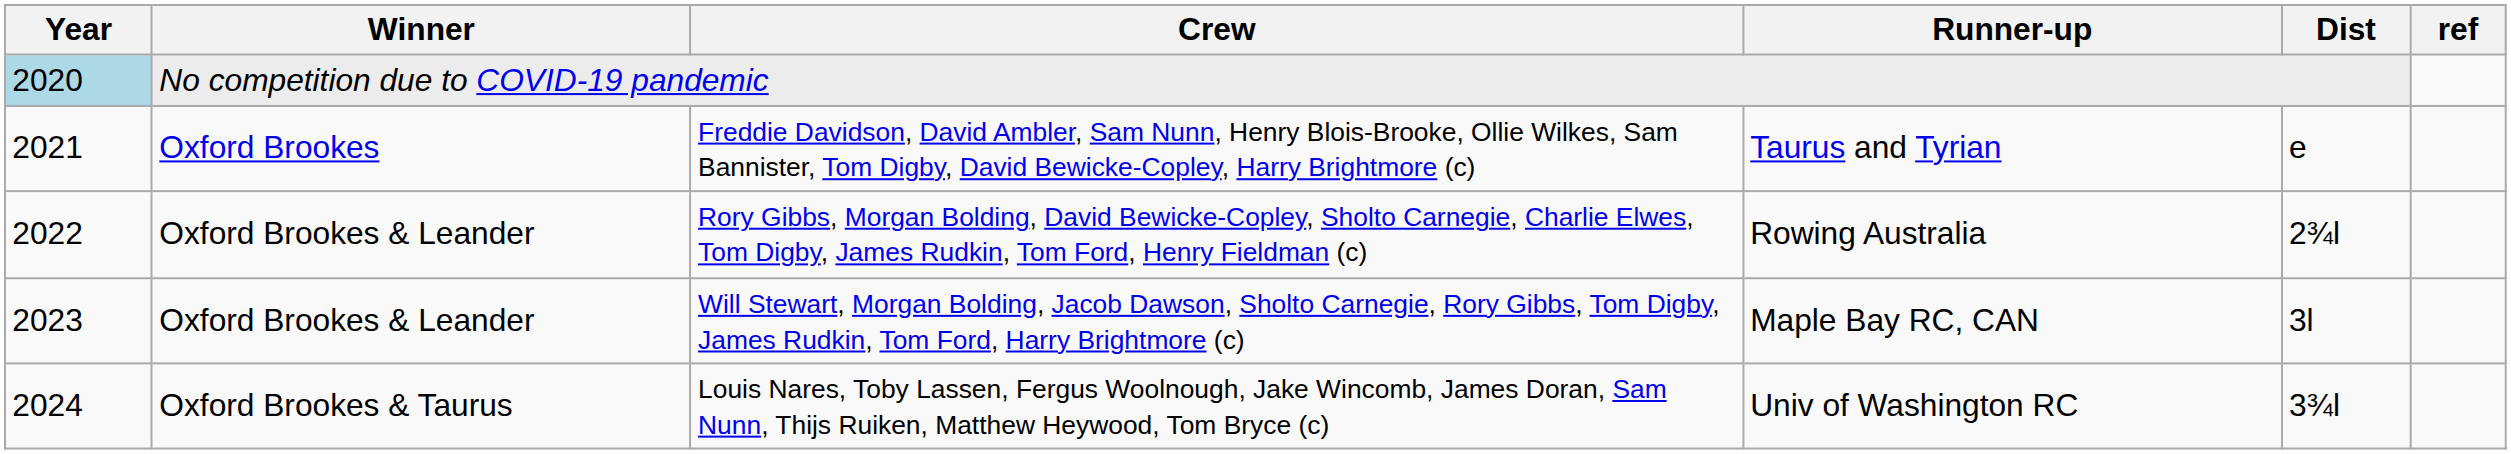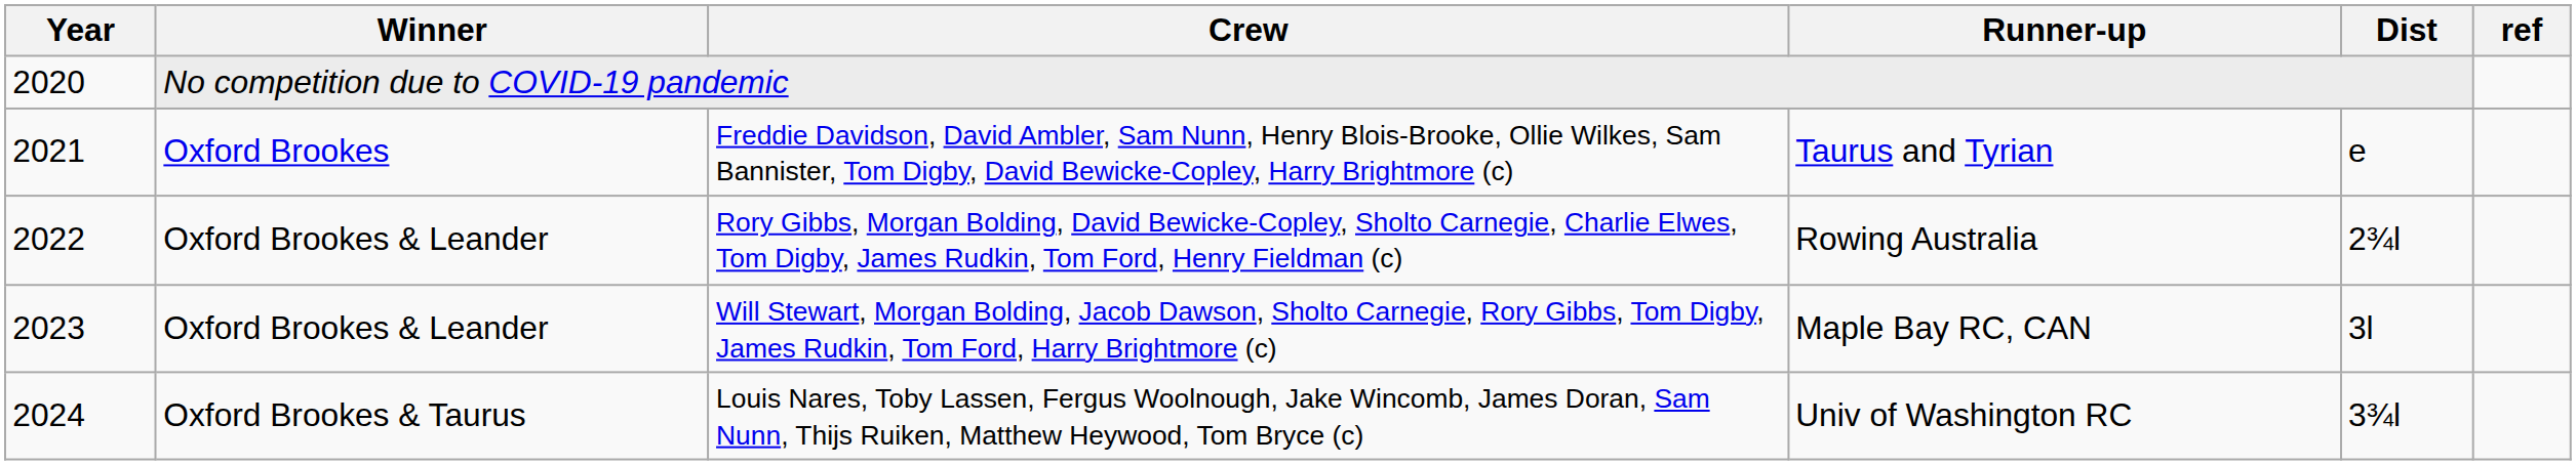 <table class="wikitable" width="100%">
 <tr>
 <th width=30>Year</th>
 <th width=150>Winner</th>
 <th width=300>Crew</th>
 <th width=150>Runner-up</th>
 <th width=30>Dist</th>
 <th width=20>ref</th>
 </tr>
 <tr>
-<td style="background: lightblue;">2020</td>
+<td>2020</td>
 <td colspan=4 bgcolor="ececec"><em>No competition due to <a href='#'>COVID-19 pandemic</a></em></td>
 <td></td>
 </tr>
 <tr>
 <td>2021</td>
 <td><a href='#'>Oxford Brookes</a></td>
 <td><small><a href='#'>Freddie Davidson</a>, <a href='#'>David Ambler</a>, <a href='#'>Sam Nunn</a>, Henry Blois-Brooke, Ollie Wilkes, Sam Bannister, <a href='#'>Tom Digby</a>, <a href='#'>David Bewicke-Copley</a>, <a href='#'>Harry Brightmore</a> (c)</small></td>
 <td><a href='#'>Taurus</a> and <a href='#'>Tyrian</a></td>
 <td>e</td>
 <td></td>
 </tr>
 <tr>
 <td>2022</td>
 <td>Oxford Brookes & Leander</td>
 <td><small><a href='#'>Rory Gibbs</a>, <a href='#'>Morgan Bolding</a>, <a href='#'>David Bewicke-Copley</a>, <a href='#'>Sholto Carnegie</a>, <a href='#'>Charlie Elwes</a>, <a href='#'>Tom Digby</a>, <a href='#'>James Rudkin</a>, <a href='#'>Tom Ford</a>, <a href='#'>Henry Fieldman</a> (c)</small></td>
 <td>Rowing Australia</td>
 <td>2¾l</td>
 <td></td>
 </tr>
 <tr>
 <td>2023</td>
 <td>Oxford Brookes & Leander</td>
 <td><small><a href='#'>Will Stewart</a>, <a href='#'>Morgan Bolding</a>, <a href='#'>Jacob Dawson</a>, <a href='#'>Sholto Carnegie</a>, <a href='#'>Rory Gibbs</a>, <a href='#'>Tom Digby</a>, <a href='#'>James Rudkin</a>, <a href='#'>Tom Ford</a>, <a href='#'>Harry Brightmore</a> (c)</small></td>
 <td>Maple Bay RC, CAN</td>
 <td>3l</td>
 <td></td>
 </tr>
 <tr>
 <td>2024</td>
 <td>Oxford Brookes & Taurus</td>
 <td><small>Louis Nares, Toby Lassen, Fergus Woolnough, Jake Wincomb, James Doran, <a href='#'>Sam Nunn</a>, Thijs Ruiken, Matthew Heywood, Tom Bryce (c)</small></td>
 <td>Univ of Washington RC</td>
 <td>3¾l</td>
 <td></td>
 </tr>
 </table>
